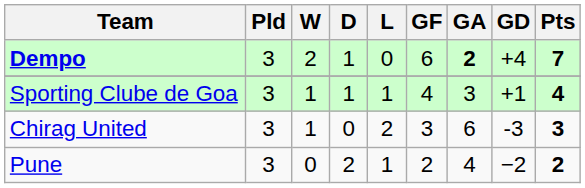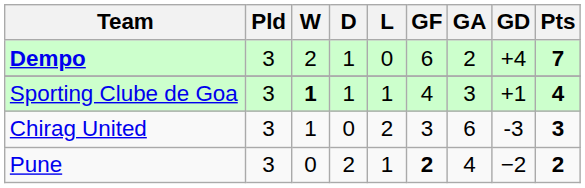 <table class="wikitable" style="text-align: center;">
 <tr>
 <th width=165>Team</th>
 <th width=20>Pld</th>
 <th width=20>W</th>
 <th width=20>D</th>
 <th width=20>L</th>
 <th width=20>GF</th>
 <th width=20>GA</th>
 <th width=20>GD</th>
 <th width=20>Pts</th>
 </tr>
 <tr bgcolor="#ccffcc">
 <td align=left><strong><a href='#'>Dempo</a></strong></td>
 <td>3</td>
 <td>2</td>
 <td>1</td>
 <td>0</td>
 <td>6</td>
-<td><strong>2</strong></td>
+<td>2</td>
 <td>+4</td>
 <td><strong>7</strong></td>
 </tr>
 <tr>
 </tr>
 <tr bgcolor="#ccffcc">
 <td align=left><a href='#'>Sporting Clube de Goa</a></td>
 <td>3</td>
-<td>1</td>
+<td><strong>1</strong></td>
 <td>1</td>
 <td>1</td>
 <td>4</td>
 <td>3</td>
 <td>+1</td>
 <td><strong>4</strong></td>
 </tr>
 <tr>
 <td align=left><a href='#'>Chirag United</a></td>
 <td>3</td>
 <td>1</td>
 <td>0</td>
 <td>2</td>
 <td>3</td>
 <td>6</td>
 <td>-3</td>
 <td><strong>3</strong></td>
 </tr>
 <tr>
 <td align=left><a href='#'>Pune</a></td>
 <td>3</td>
 <td>0</td>
 <td>2</td>
 <td>1</td>
-<td>2</td>
+<td><strong>2</strong></td>
 <td>4</td>
 <td>−2</td>
 <td><strong>2</strong></td>
 </tr>
 </table>
